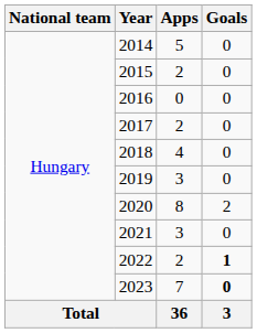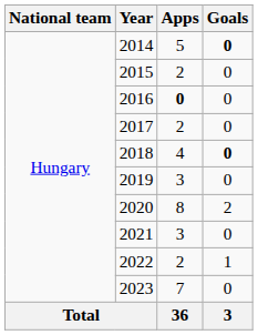 <table class=wikitable style=text-align:center>
 <tr>
 <th>National team</th>
 <th>Year</th>
 <th>Apps</th>
 <th>Goals</th>
 </tr>
 <tr>
 <td rowspan="10"><a href='#'>Hungary</a></td>
 <td>2014</td>
 <td>5</td>
-<td>0</td>
+<td><strong>0</strong></td>
 </tr>
 <tr>
 <td>2015</td>
 <td>2</td>
 <td>0</td>
 </tr>
 <tr>
 <td>2016</td>
-<td>0</td>
+<td><strong>0</strong></td>
 <td>0</td>
 </tr>
 <tr>
 <td>2017</td>
 <td>2</td>
 <td>0</td>
 </tr>
 <tr>
 <td>2018</td>
 <td>4</td>
-<td>0</td>
+<td><strong>0</strong></td>
 </tr>
 <tr>
 <td>2019</td>
 <td>3</td>
 <td>0</td>
 </tr>
 <tr>
 <td>2020</td>
 <td>8</td>
 <td>2</td>
 </tr>
 <tr>
 <td>2021</td>
 <td>3</td>
 <td>0</td>
 </tr>
 <tr>
 <td>2022</td>
 <td>2</td>
-<td><strong>1</strong></td>
+<td>1</td>
 </tr>
 <tr>
 <td>2023</td>
 <td>7</td>
-<td><strong>0</strong></td>
+<td>0</td>
 </tr>
 <tr>
 <th colspan="2">Total</th>
 <th>36</th>
 <th>3</th>
 </tr>
 </table>
